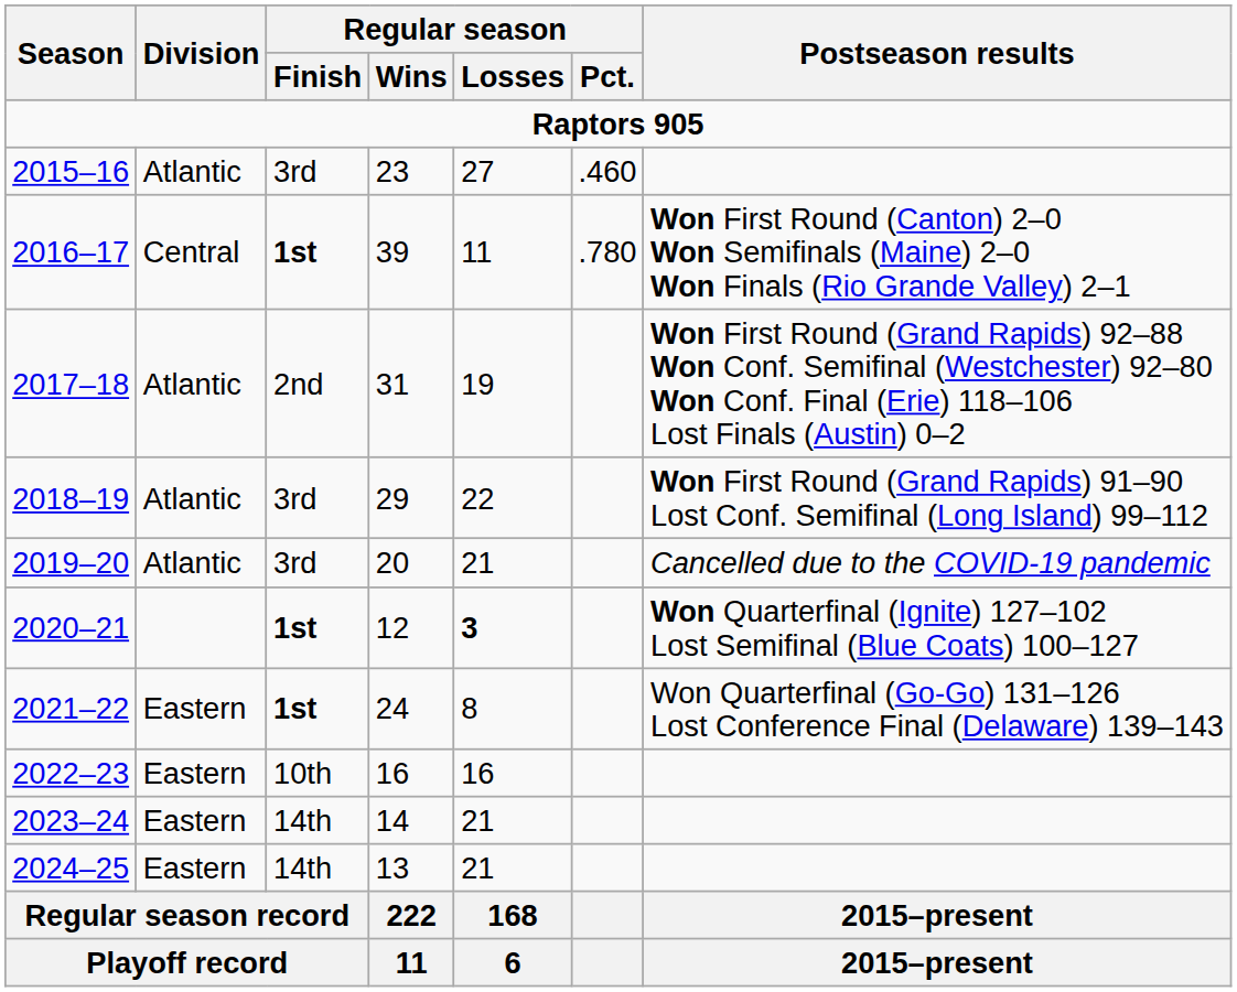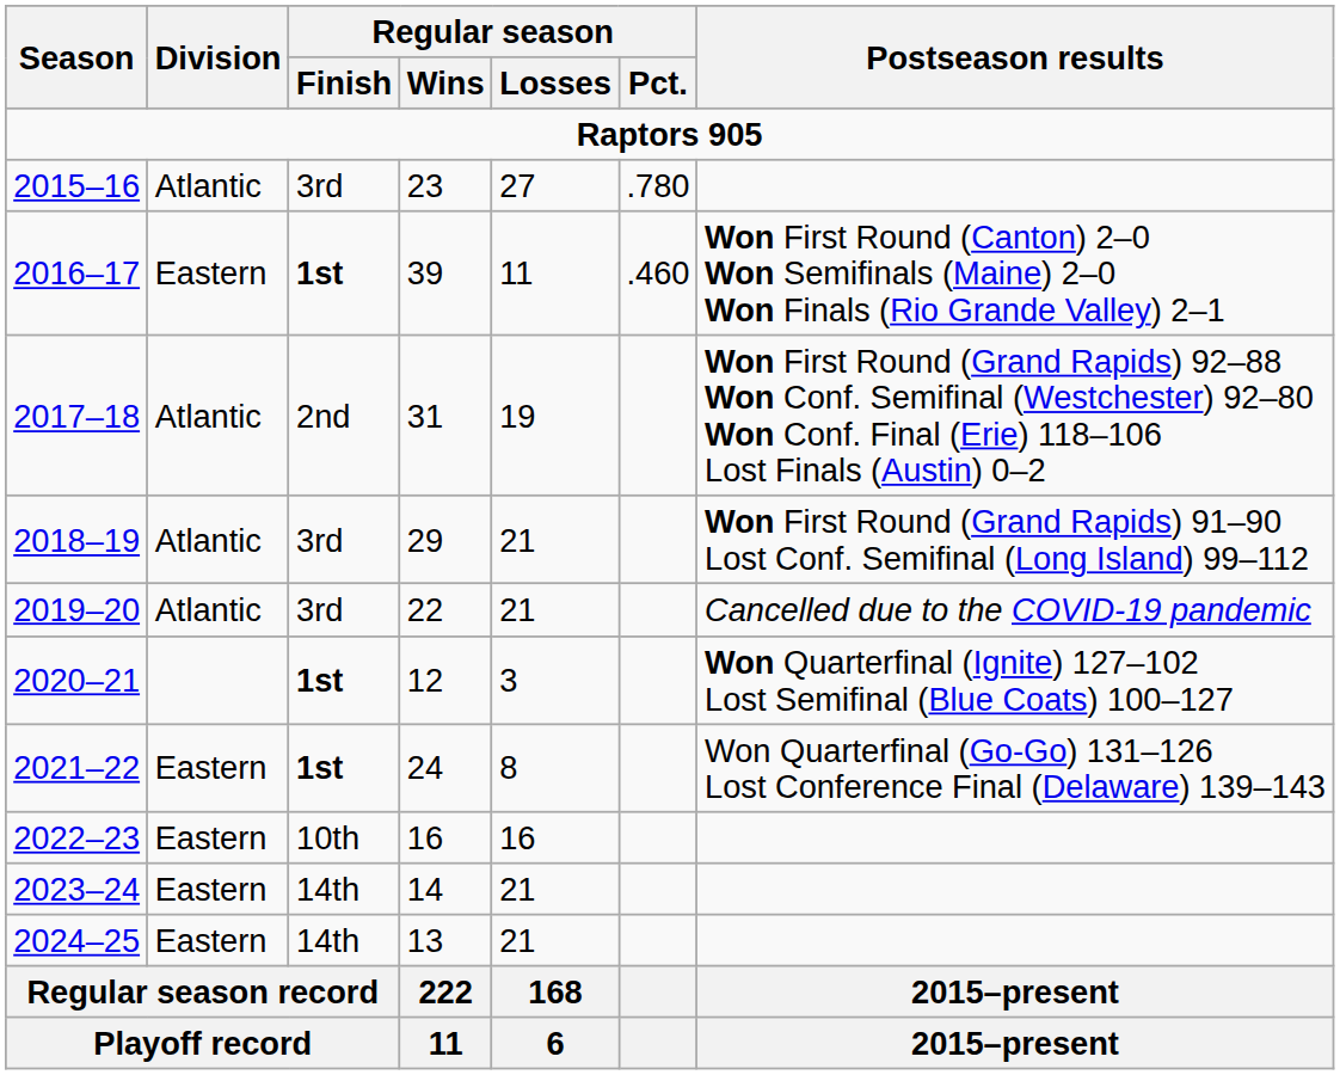 <table class="wikitable" style="font-size:95%" style="text-align:center">
 <tr>
 <th rowspan=2>Season</th>
 <th rowspan=2>Division</th>
 <th colspan=4>Regular season</th>
 <th rowspan=2>Postseason results</th>
 </tr>
 <tr>
 <th>Finish</th>
 <th>Wins</th>
 <th>Losses</th>
 <th>Pct.</th>
 </tr>
 <tr>
 <td colspan=10 align="center"><strong>Raptors 905</strong></td>
 </tr>
 <tr>
 <td><a href='#'>2015–16</a></td>
 <td>Atlantic</td>
 <td>3rd</td>
 <td>23</td>
 <td>27</td>
-<td>.460</td>
+<td>.780</td>
 <td></td>
 </tr>
 <tr>
 <td><a href='#'>2016–17</a></td>
-<td>Central</td>
+<td>Eastern</td>
 <td><strong>1st</strong></td>
 <td>39</td>
 <td>11</td>
-<td>.780</td>
+<td>.460</td>
 <td align=left><strong>Won</strong>  First Round (<a href='#'>Canton</a>) 2–0<br><strong>Won</strong> Semifinals (<a href='#'>Maine</a>) 2–0<br><strong>Won</strong> Finals (<a href='#'>Rio Grande Valley</a>) 2–1</td>
 </tr>
 <tr>
 <td><a href='#'>2017–18</a></td>
 <td>Atlantic</td>
 <td>2nd</td>
 <td>31</td>
 <td>19</td>
 <td></td>
 <td align=left><strong>Won</strong> First Round (<a href='#'>Grand Rapids</a>) 92–88<br><strong>Won</strong> Conf. Semifinal (<a href='#'>Westchester</a>) 92–80<br><strong>Won</strong> Conf. Final (<a href='#'>Erie</a>) 118–106<br>Lost Finals (<a href='#'>Austin</a>) 0–2</td>
 </tr>
 <tr>
 <td><a href='#'>2018–19</a></td>
 <td>Atlantic</td>
 <td>3rd</td>
 <td>29</td>
-<td>22</td>
+<td>21</td>
 <td></td>
 <td align=left><strong>Won</strong> First Round (<a href='#'>Grand Rapids</a>) 91–90<br>Lost Conf. Semifinal (<a href='#'>Long Island</a>) 99–112</td>
 </tr>
 <tr>
 <td><a href='#'>2019–20</a></td>
 <td>Atlantic</td>
 <td>3rd</td>
-<td>20</td>
+<td>22</td>
 <td>21</td>
 <td></td>
 <td align=left><em>Cancelled due to the <a href='#'>COVID-19 pandemic</a></em></td>
 </tr>
 <tr>
 <td><a href='#'>2020–21</a></td>
 <td></td>
 <td><strong>1st</strong></td>
 <td>12</td>
-<td><strong>3</strong></td>
+<td>3</td>
 <td></td>
 <td align=left><strong>Won</strong> Quarterfinal (<a href='#'>Ignite</a>) 127–102<br>Lost Semifinal (<a href='#'>Blue Coats</a>) 100–127</td>
 </tr>
 <tr>
 <td><a href='#'>2021–22</a></td>
 <td>Eastern</td>
 <td><strong>1st</strong></td>
 <td>24</td>
 <td>8</td>
 <td></td>
 <td align=left>Won Quarterfinal (<a href='#'>Go-Go</a>) 131–126<br>Lost Conference Final (<a href='#'>Delaware</a>) 139–143</td>
 </tr>
 <tr>
 <td><a href='#'>2022–23</a></td>
 <td>Eastern</td>
 <td>10th</td>
 <td>16</td>
 <td>16</td>
 <td></td>
 <td align=left></td>
 </tr>
 <tr>
 <td><a href='#'>2023–24</a></td>
 <td>Eastern</td>
 <td>14th</td>
 <td>14</td>
 <td>21</td>
 <td></td>
 <td align=left></td>
 </tr>
 <tr>
 <td><a href='#'>2024–25</a></td>
 <td>Eastern</td>
 <td>14th</td>
 <td>13</td>
 <td>21</td>
 <td></td>
 <td align=left></td>
 </tr>
 <tr>
 <th colspan=3>Regular season record</th>
 <th>222</th>
 <th>168</th>
 <th></th>
 <th>2015–present</th>
 </tr>
 <tr>
 <th colspan=3>Playoff record</th>
 <th>11</th>
 <th>6</th>
 <th></th>
 <th>2015–present</th>
 </tr>
 </table>
